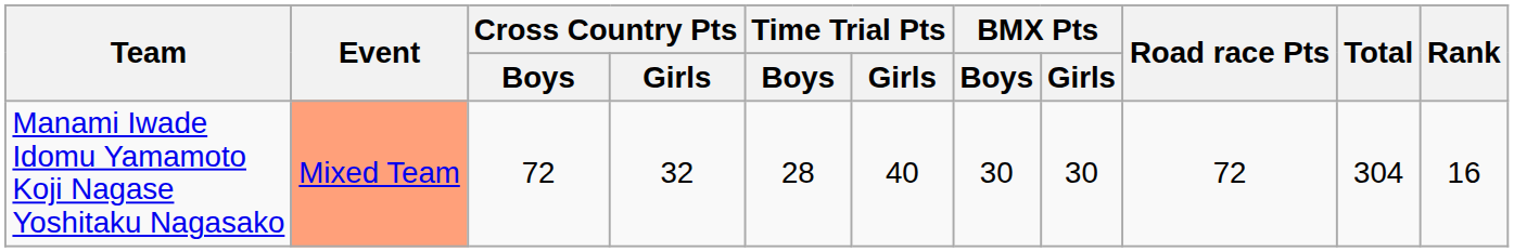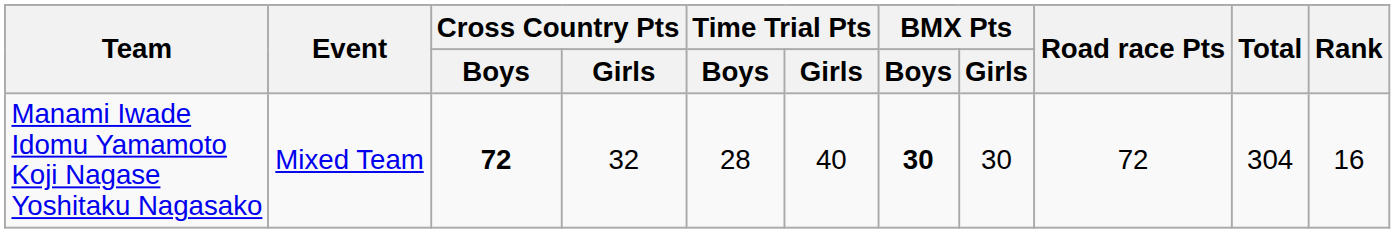 <table class="wikitable" border="1" style="font-size:90%">
 <tr>
 <th rowspan=2>Team</th>
 <th rowspan=2>Event</th>
 <th colspan=2>Cross Country Pts</th>
 <th colspan=2>Time Trial Pts</th>
 <th colspan=2>BMX Pts</th>
 <th rowspan=2>Road race Pts</th>
 <th rowspan=2>Total</th>
 <th rowspan=2>Rank</th>
 </tr>
 <tr>
 <th>Boys</th>
 <th>Girls</th>
 <th>Boys</th>
 <th>Girls</th>
 <th>Boys</th>
 <th>Girls</th>
 </tr>
 <tr>
 <td><a href='#'>Manami Iwade</a><br><a href='#'>Idomu Yamamoto</a><br><a href='#'>Koji Nagase</a><br><a href='#'>Yoshitaku Nagasako</a></td>
-<td style="background: lightsalmon;"><a href='#'>Mixed Team</a></td>
-<td align=center>72</td>
+<td><a href='#'>Mixed Team</a></td>
+<td align=center><strong>72</strong></td>
 <td align=center>32</td>
 <td align=center>28</td>
 <td align=center>40</td>
-<td align=center>30</td>
+<td align=center><strong>30</strong></td>
 <td align=center>30</td>
 <td align=center>72</td>
 <td align=center>304</td>
 <td align=center>16</td>
 </tr>
 </table>
